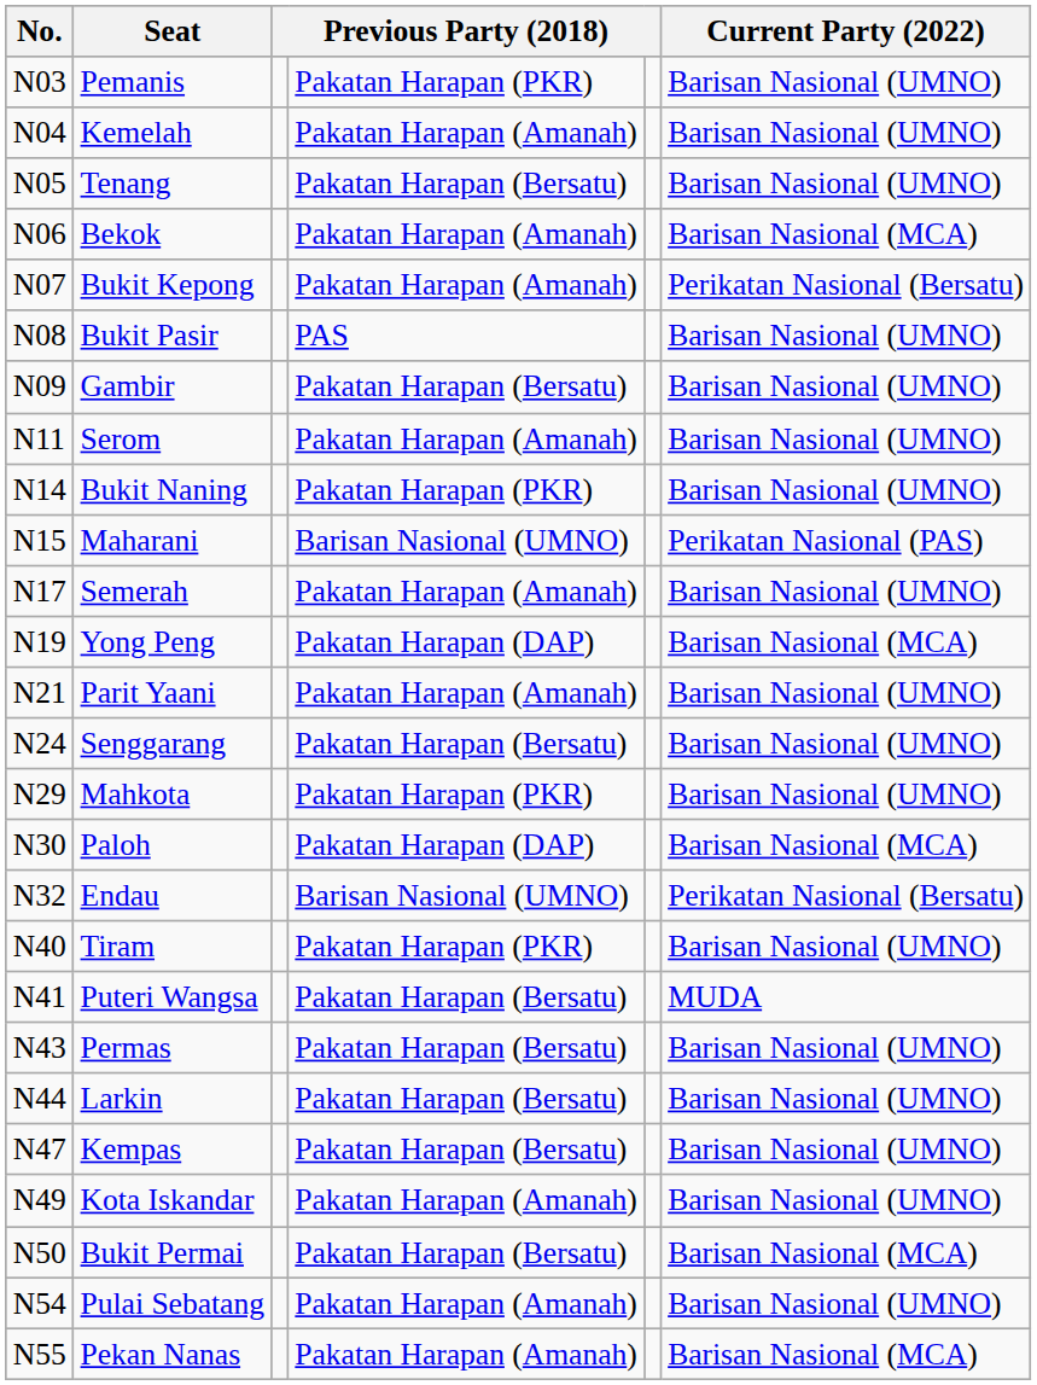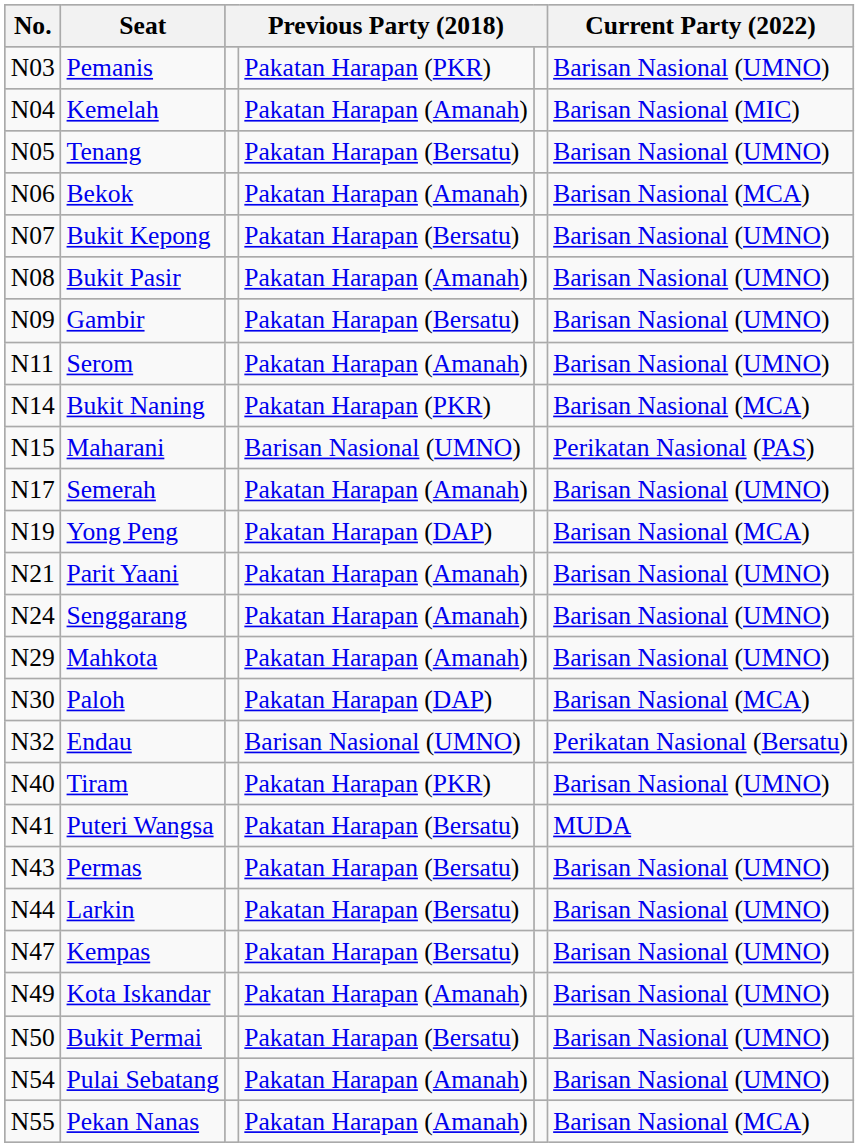 <table class="wikitable sortable" style="font-size:95%;">
 <tr>
 <th scope="col">No.</th>
 <th scope="col">Seat</th>
 <th colspan="3" scope="col">Previous Party (2018)</th>
 <th colspan="3" scope="col">Current Party (2022)</th>
 </tr>
 <tr>
 <td>N03</td>
 <td><a href='#'>Pemanis</a></td>
 <td width="1"></td>
 <td><a href='#'>Pakatan Harapan</a> (<a href='#'>PKR</a>)</td>
 <td width="1"></td>
 <td><a href='#'>Barisan Nasional</a> (<a href='#'>UMNO</a>)</td>
 </tr>
 <tr>
 <td>N04</td>
 <td><a href='#'>Kemelah</a></td>
 <td width="1"></td>
 <td><a href='#'>Pakatan Harapan</a> (<a href='#'>Amanah</a>)</td>
 <td width="1"></td>
-<td><a href='#'>Barisan Nasional</a> (<a href='#'>UMNO</a>)</td>
+<td><a href='#'>Barisan Nasional</a> (<a href='#'>MIC</a>)</td>
 </tr>
 <tr>
 <td>N05</td>
 <td><a href='#'>Tenang</a></td>
 <td width="1"></td>
 <td><a href='#'>Pakatan Harapan</a> (<a href='#'>Bersatu</a>)</td>
 <td width="1"></td>
 <td><a href='#'>Barisan Nasional</a> (<a href='#'>UMNO</a>)</td>
 </tr>
 <tr>
 <td>N06</td>
 <td><a href='#'>Bekok</a></td>
 <td width="1"></td>
 <td><a href='#'>Pakatan Harapan</a> (<a href='#'>Amanah</a>)</td>
 <td width="1"></td>
 <td><a href='#'>Barisan Nasional</a> (<a href='#'>MCA</a>)</td>
 </tr>
 <tr>
 <td>N07</td>
 <td><a href='#'>Bukit Kepong</a></td>
 <td width="1"></td>
-<td><a href='#'>Pakatan Harapan</a> (<a href='#'>Amanah</a>)</td>
+<td><a href='#'>Pakatan Harapan</a> (<a href='#'>Bersatu</a>)</td>
 <td width="1"></td>
-<td><a href='#'>Perikatan Nasional</a> (<a href='#'>Bersatu</a>)</td>
+<td><a href='#'>Barisan Nasional</a> (<a href='#'>UMNO</a>)</td>
 </tr>
 <tr>
 <td>N08</td>
 <td><a href='#'>Bukit Pasir</a></td>
 <td width="1"></td>
-<td><a href='#'>PAS</a></td>
+<td><a href='#'>Pakatan Harapan</a> (<a href='#'>Amanah</a>)</td>
 <td width="1"></td>
 <td><a href='#'>Barisan Nasional</a> (<a href='#'>UMNO</a>)</td>
 </tr>
 <tr>
 <td>N09</td>
 <td><a href='#'>Gambir</a></td>
 <td width="1"></td>
 <td><a href='#'>Pakatan Harapan</a> (<a href='#'>Bersatu</a>)</td>
 <td width="1"></td>
 <td><a href='#'>Barisan Nasional</a> (<a href='#'>UMNO</a>)</td>
 </tr>
 <tr>
 <td>N11</td>
 <td><a href='#'>Serom</a></td>
 <td width="1"></td>
 <td><a href='#'>Pakatan Harapan</a> (<a href='#'>Amanah</a>)</td>
 <td width="1"></td>
 <td><a href='#'>Barisan Nasional</a> (<a href='#'>UMNO</a>)</td>
 </tr>
 <tr>
 <td>N14</td>
 <td><a href='#'>Bukit Naning</a></td>
 <td width="1"></td>
 <td><a href='#'>Pakatan Harapan</a> (<a href='#'>PKR</a>)</td>
 <td width="1"></td>
-<td><a href='#'>Barisan Nasional</a> (<a href='#'>UMNO</a>)</td>
+<td><a href='#'>Barisan Nasional</a> (<a href='#'>MCA</a>)</td>
 </tr>
 <tr>
 <td>N15</td>
 <td><a href='#'>Maharani</a></td>
 <td width="1"></td>
 <td><a href='#'>Barisan Nasional</a> (<a href='#'>UMNO</a>)</td>
 <td width="1"></td>
 <td><a href='#'>Perikatan Nasional</a> (<a href='#'>PAS</a>)</td>
 </tr>
 <tr>
 <td>N17</td>
 <td><a href='#'>Semerah</a></td>
 <td width="1"></td>
 <td><a href='#'>Pakatan Harapan</a> (<a href='#'>Amanah</a>)</td>
 <td width="1"></td>
 <td><a href='#'>Barisan Nasional</a> (<a href='#'>UMNO</a>)</td>
 </tr>
 <tr>
 <td>N19</td>
 <td><a href='#'>Yong Peng</a></td>
 <td width="1"></td>
 <td><a href='#'>Pakatan Harapan</a> (<a href='#'>DAP</a>)</td>
 <td width="1"></td>
 <td><a href='#'>Barisan Nasional</a> (<a href='#'>MCA</a>)</td>
 </tr>
 <tr>
 <td>N21</td>
 <td><a href='#'>Parit Yaani</a></td>
 <td width="1"></td>
 <td><a href='#'>Pakatan Harapan</a> (<a href='#'>Amanah</a>)</td>
 <td width="1"></td>
 <td><a href='#'>Barisan Nasional</a> (<a href='#'>UMNO</a>)</td>
 </tr>
 <tr>
 <td>N24</td>
 <td><a href='#'>Senggarang</a></td>
 <td width="1"></td>
-<td><a href='#'>Pakatan Harapan</a> (<a href='#'>Bersatu</a>)</td>
+<td><a href='#'>Pakatan Harapan</a> (<a href='#'>Amanah</a>)</td>
 <td width="1"></td>
 <td><a href='#'>Barisan Nasional</a> (<a href='#'>UMNO</a>)</td>
 </tr>
 <tr>
 <td>N29</td>
 <td><a href='#'>Mahkota</a></td>
 <td width="1"></td>
-<td><a href='#'>Pakatan Harapan</a> (<a href='#'>PKR</a>)</td>
+<td><a href='#'>Pakatan Harapan</a> (<a href='#'>Amanah</a>)</td>
 <td width="1"></td>
 <td><a href='#'>Barisan Nasional</a> (<a href='#'>UMNO</a>)</td>
 </tr>
 <tr>
 <td>N30</td>
 <td><a href='#'>Paloh</a></td>
 <td width="1"></td>
 <td><a href='#'>Pakatan Harapan</a> (<a href='#'>DAP</a>)</td>
 <td width="1"></td>
 <td><a href='#'>Barisan Nasional</a> (<a href='#'>MCA</a>)</td>
 </tr>
 <tr>
 <td>N32</td>
 <td><a href='#'>Endau</a></td>
 <td width="1"></td>
 <td><a href='#'>Barisan Nasional</a> (<a href='#'>UMNO</a>)</td>
 <td width="1"></td>
 <td><a href='#'>Perikatan Nasional</a> (<a href='#'>Bersatu</a>)</td>
 </tr>
 <tr>
 <td>N40</td>
 <td><a href='#'>Tiram</a></td>
 <td width="1"></td>
 <td><a href='#'>Pakatan Harapan</a> (<a href='#'>PKR</a>)</td>
 <td width="1"></td>
 <td><a href='#'>Barisan Nasional</a> (<a href='#'>UMNO</a>)</td>
 </tr>
 <tr>
 <td>N41</td>
 <td><a href='#'>Puteri Wangsa</a></td>
 <td width="1"></td>
 <td><a href='#'>Pakatan Harapan</a> (<a href='#'>Bersatu</a>)</td>
 <td width="1"></td>
 <td><a href='#'>MUDA</a></td>
 </tr>
 <tr>
 <td>N43</td>
 <td><a href='#'>Permas</a></td>
 <td width="1"></td>
 <td><a href='#'>Pakatan Harapan</a> (<a href='#'>Bersatu</a>)</td>
 <td width="1"></td>
 <td><a href='#'>Barisan Nasional</a> (<a href='#'>UMNO</a>)</td>
 </tr>
 <tr>
 <td>N44</td>
 <td><a href='#'>Larkin</a></td>
 <td width="1"></td>
 <td><a href='#'>Pakatan Harapan</a> (<a href='#'>Bersatu</a>)</td>
 <td width="1"></td>
 <td><a href='#'>Barisan Nasional</a> (<a href='#'>UMNO</a>)</td>
 </tr>
 <tr>
 <td>N47</td>
 <td><a href='#'>Kempas</a></td>
 <td width="1"></td>
 <td><a href='#'>Pakatan Harapan</a> (<a href='#'>Bersatu</a>)</td>
 <td width="1"></td>
 <td><a href='#'>Barisan Nasional</a> (<a href='#'>UMNO</a>)</td>
 </tr>
 <tr>
 <td>N49</td>
 <td><a href='#'>Kota Iskandar</a></td>
 <td width="1"></td>
 <td><a href='#'>Pakatan Harapan</a> (<a href='#'>Amanah</a>)</td>
 <td width="1"></td>
 <td><a href='#'>Barisan Nasional</a> (<a href='#'>UMNO</a>)</td>
 </tr>
 <tr>
 <td>N50</td>
 <td><a href='#'>Bukit Permai</a></td>
 <td width="1"></td>
 <td><a href='#'>Pakatan Harapan</a> (<a href='#'>Bersatu</a>)</td>
 <td width="1"></td>
-<td><a href='#'>Barisan Nasional</a> (<a href='#'>MCA</a>)</td>
+<td><a href='#'>Barisan Nasional</a> (<a href='#'>UMNO</a>)</td>
 </tr>
 <tr>
 <td>N54</td>
 <td><a href='#'>Pulai Sebatang</a></td>
 <td width="1"></td>
 <td><a href='#'>Pakatan Harapan</a> (<a href='#'>Amanah</a>)</td>
 <td width="1"></td>
 <td><a href='#'>Barisan Nasional</a> (<a href='#'>UMNO</a>)</td>
 </tr>
 <tr>
 <td>N55</td>
 <td><a href='#'>Pekan Nanas</a></td>
 <td width="1"></td>
 <td><a href='#'>Pakatan Harapan</a> (<a href='#'>Amanah</a>)</td>
 <td width="1"></td>
 <td><a href='#'>Barisan Nasional</a> (<a href='#'>MCA</a>)</td>
 </tr>
 </table>
